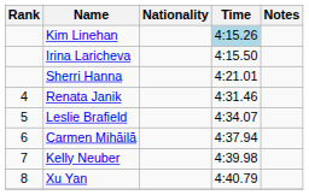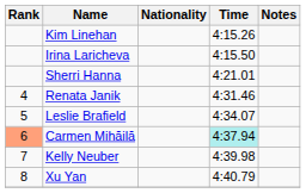 <table class="wikitable sortable" style="text-align:center">
 <tr>
 <th>Rank</th>
 <th>Name</th>
 <th>Nationality</th>
 <th>Time</th>
 <th>Notes</th>
 </tr>
 <tr>
 <td></td>
 <td align="left"><a href='#'>Kim Linehan</a></td>
 <td align="left"></td>
-<td style="background: lightblue;">4:15.26</td>
+<td>4:15.26</td>
 <td></td>
 </tr>
 <tr>
 <td></td>
 <td align="left"><a href='#'>Irina Laricheva</a></td>
 <td align="left"></td>
 <td>4:15.50</td>
 <td></td>
 </tr>
 <tr>
 <td></td>
 <td align="left"><a href='#'>Sherri Hanna</a></td>
 <td align="left"></td>
 <td>4:21.01</td>
 <td></td>
 </tr>
 <tr>
 <td>4</td>
 <td align="left"><a href='#'>Renata Janik</a></td>
 <td align="left"></td>
 <td>4:31.46</td>
 <td></td>
 </tr>
 <tr>
 <td>5</td>
 <td align="left"><a href='#'>Leslie Brafield</a></td>
 <td align="left"></td>
 <td>4:34.07</td>
 <td></td>
 </tr>
 <tr>
-<td>6</td>
+<td style="background: lightsalmon;">6</td>
 <td align="left"><a href='#'>Carmen Mihăilă</a></td>
 <td align="left"></td>
-<td>4:37.94</td>
+<td style="background: paleturquoise;">4:37.94</td>
 <td></td>
 </tr>
 <tr>
 <td>7</td>
 <td align="left"><a href='#'>Kelly Neuber</a></td>
 <td align="left"></td>
 <td>4:39.98</td>
 <td></td>
 </tr>
 <tr>
 <td>8</td>
 <td align="left"><a href='#'>Xu Yan</a></td>
 <td align="left"></td>
 <td>4:40.79</td>
 <td></td>
 </tr>
 <tr>
 </tr>
 </table>
